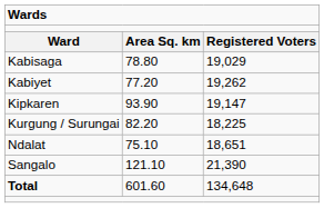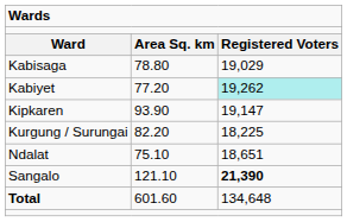 <table class="wikitable">
 <tr>
 <td colspan="3"><strong>Wards</strong></td>
 </tr>
 <tr>
 <td colspan="3"></td>
 </tr>
 <tr>
 <th>Ward</th>
 <th>Area Sq. km</th>
 <th>Registered Voters</th>
 </tr>
 <tr>
 <td>Kabisaga</td>
 <td>78.80</td>
 <td>19,029</td>
 </tr>
 <tr>
 <td>Kabiyet</td>
 <td>77.20</td>
-<td>19,262</td>
+<td style="background: paleturquoise;">19,262</td>
 </tr>
 <tr>
 <td>Kipkaren</td>
 <td>93.90</td>
 <td>19,147</td>
 </tr>
 <tr>
 <td>Kurgung / Surungai</td>
 <td>82.20</td>
 <td>18,225</td>
 </tr>
 <tr>
 <td>Ndalat</td>
 <td>75.10</td>
 <td>18,651</td>
 </tr>
 <tr>
 <td>Sangalo</td>
 <td>121.10</td>
-<td>21,390</td>
+<td><strong>21,390</strong></td>
 </tr>
 <tr>
 <td><strong>Total</strong></td>
 <td>601.60</td>
 <td>134,648</td>
 </tr>
 <tr>
 <td colspan="3"></td>
 </tr>
 </table>
